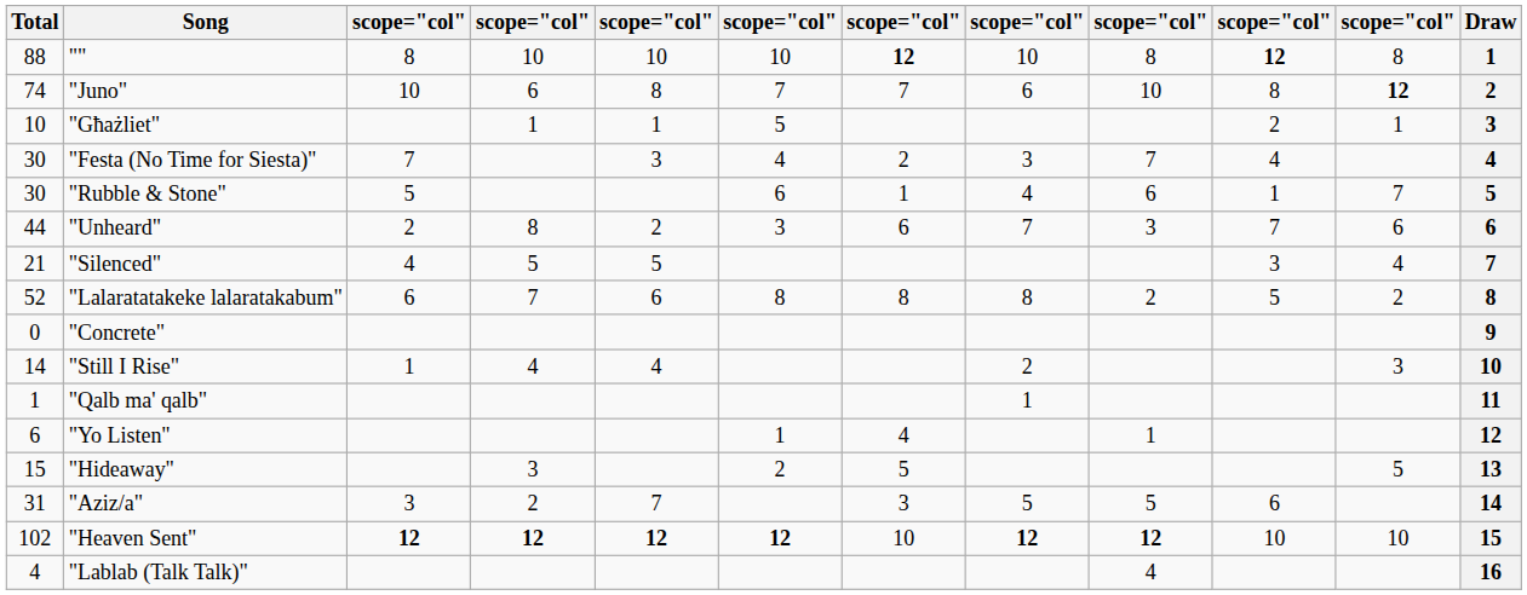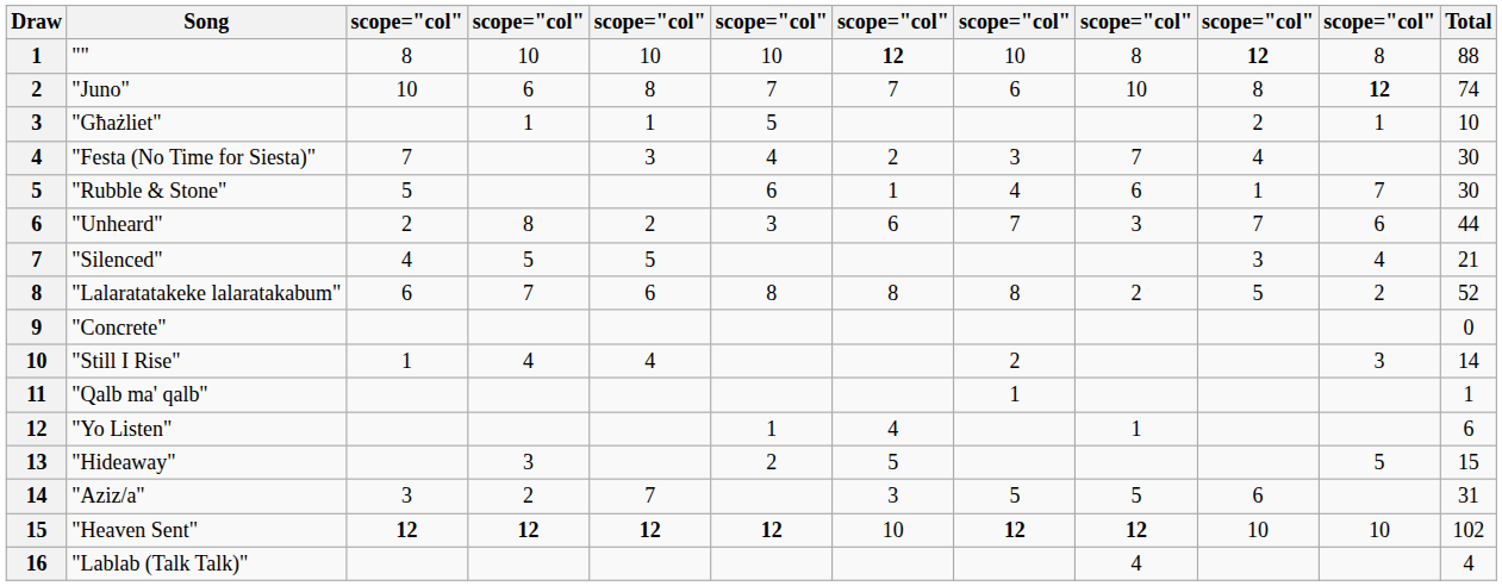 <table class="wikitable plainrowheaders" style="margin: 1em auto 1em auto; text-align:center;">
 <tr>
-<th>Total</th>
+<th>Draw</th>
 <th>Song</th>
 <th>scope="col" </th>
 <th>scope="col" </th>
 <th>scope="col" </th>
 <th>scope="col" </th>
 <th>scope="col" </th>
 <th>scope="col" </th>
 <th>scope="col" </th>
 <th>scope="col" </th>
 <th>scope="col" </th>
-<th>Draw</th>
+<th>Total</th>
 </tr>
 <tr>
-<td>88</td>
+<th scope="row" style="text-align:center;">1</th>
 <td align="left">""</td>
 <td>8</td>
 <td>10</td>
 <td>10</td>
 <td>10</td>
 <td><strong>12</strong></td>
 <td>10</td>
 <td>8</td>
 <td><strong>12</strong></td>
 <td>8</td>
-<th scope="row" style="text-align:center;">1</th>
+<td>88</td>
 </tr>
 <tr>
-<td>74</td>
+<th scope="row" style="text-align:center;">2</th>
 <td align="left">"Juno"</td>
 <td>10</td>
 <td>6</td>
 <td>8</td>
 <td>7</td>
 <td>7</td>
 <td>6</td>
 <td>10</td>
 <td>8</td>
 <td><strong>12</strong></td>
-<th scope="row" style="text-align:center;">2</th>
+<td>74</td>
 </tr>
 <tr>
-<td>10</td>
+<th scope="row" style="text-align:center;">3</th>
 <td align="left">"Għażliet"</td>
 <td></td>
 <td>1</td>
 <td>1</td>
 <td>5</td>
 <td></td>
 <td></td>
 <td></td>
 <td>2</td>
 <td>1</td>
-<th scope="row" style="text-align:center;">3</th>
+<td>10</td>
 </tr>
 <tr>
-<td>30</td>
+<th scope="row" style="text-align:center;">4</th>
 <td align="left">"Festa (No Time for Siesta)"</td>
 <td>7</td>
 <td></td>
 <td>3</td>
 <td>4</td>
 <td>2</td>
 <td>3</td>
 <td>7</td>
 <td>4</td>
 <td></td>
-<th scope="row" style="text-align:center;">4</th>
+<td>30</td>
 </tr>
 <tr>
-<td>30</td>
+<th scope="row" style="text-align:center;">5</th>
 <td align="left">"Rubble & Stone"</td>
 <td>5</td>
 <td></td>
 <td></td>
 <td>6</td>
 <td>1</td>
 <td>4</td>
 <td>6</td>
 <td>1</td>
 <td>7</td>
-<th scope="row" style="text-align:center;">5</th>
+<td>30</td>
 </tr>
 <tr>
-<td>44</td>
+<th scope="row" style="text-align:center;">6</th>
 <td align="left">"Unheard"</td>
 <td>2</td>
 <td>8</td>
 <td>2</td>
 <td>3</td>
 <td>6</td>
 <td>7</td>
 <td>3</td>
 <td>7</td>
 <td>6</td>
-<th scope="row" style="text-align:center;">6</th>
+<td>44</td>
 </tr>
 <tr>
-<td>21</td>
+<th scope="row" style="text-align:center;">7</th>
 <td align="left">"Silenced"</td>
 <td>4</td>
 <td>5</td>
 <td>5</td>
 <td></td>
 <td></td>
 <td></td>
 <td></td>
 <td>3</td>
 <td>4</td>
-<th scope="row" style="text-align:center;">7</th>
+<td>21</td>
 </tr>
 <tr>
-<td>52</td>
+<th scope="row" style="text-align:center;">8</th>
 <td align="left">"Lalaratatakeke lalaratakabum"</td>
 <td>6</td>
 <td>7</td>
 <td>6</td>
 <td>8</td>
 <td>8</td>
 <td>8</td>
 <td>2</td>
 <td>5</td>
 <td>2</td>
-<th scope="row" style="text-align:center;">8</th>
+<td>52</td>
 </tr>
 <tr>
-<td>0</td>
+<th scope="row" style="text-align:center;">9</th>
 <td align="left">"Concrete"</td>
 <td></td>
 <td></td>
 <td></td>
 <td></td>
 <td></td>
 <td></td>
 <td></td>
 <td></td>
 <td></td>
-<th scope="row" style="text-align:center;">9</th>
+<td>0</td>
 </tr>
 <tr>
-<td>14</td>
+<th scope="row" style="text-align:center;">10</th>
 <td align="left">"Still I Rise"</td>
 <td>1</td>
 <td>4</td>
 <td>4</td>
 <td></td>
 <td></td>
 <td>2</td>
 <td></td>
 <td></td>
 <td>3</td>
-<th scope="row" style="text-align:center;">10</th>
+<td>14</td>
 </tr>
 <tr>
-<td>1</td>
+<th scope="row" style="text-align:center;">11</th>
 <td align="left">"Qalb ma' qalb"</td>
 <td></td>
 <td></td>
 <td></td>
 <td></td>
 <td></td>
 <td>1</td>
 <td></td>
 <td></td>
 <td></td>
-<th scope="row" style="text-align:center;">11</th>
+<td>1</td>
 </tr>
 <tr>
-<td>6</td>
+<th scope="row" style="text-align:center;">12</th>
 <td align="left">"Yo Listen"</td>
 <td></td>
 <td></td>
 <td></td>
 <td>1</td>
 <td>4</td>
 <td></td>
 <td>1</td>
 <td></td>
 <td></td>
-<th scope="row" style="text-align:center;">12</th>
+<td>6</td>
 </tr>
 <tr>
-<td>15</td>
+<th scope="row" style="text-align:center;">13</th>
 <td align="left">"Hideaway"</td>
 <td></td>
 <td>3</td>
 <td></td>
 <td>2</td>
 <td>5</td>
 <td></td>
 <td></td>
 <td></td>
 <td>5</td>
-<th scope="row" style="text-align:center;">13</th>
+<td>15</td>
 </tr>
 <tr>
-<td>31</td>
+<th scope="row" style="text-align:center;">14</th>
 <td align="left">"Aziz/a"</td>
 <td>3</td>
 <td>2</td>
 <td>7</td>
 <td></td>
 <td>3</td>
 <td>5</td>
 <td>5</td>
 <td>6</td>
 <td></td>
-<th scope="row" style="text-align:center;">14</th>
+<td>31</td>
 </tr>
 <tr>
-<td>102</td>
+<th scope="row" style="text-align:center;">15</th>
 <td align="left">"Heaven Sent"</td>
 <td><strong>12</strong></td>
 <td><strong>12</strong></td>
 <td><strong>12</strong></td>
 <td><strong>12</strong></td>
 <td>10</td>
 <td><strong>12</strong></td>
 <td><strong>12</strong></td>
 <td>10</td>
 <td>10</td>
-<th scope="row" style="text-align:center;">15</th>
+<td>102</td>
 </tr>
 <tr>
-<td>4</td>
+<th scope="row" style="text-align:center;">16</th>
 <td align="left">"Lablab (Talk Talk)"</td>
 <td></td>
 <td></td>
 <td></td>
 <td></td>
 <td></td>
 <td></td>
 <td>4</td>
 <td></td>
 <td></td>
-<th scope="row" style="text-align:center;">16</th>
+<td>4</td>
 </tr>
 </table>
